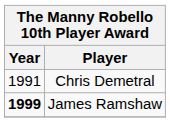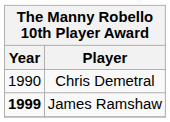 <table class="wikitable" style="display: inline-table; margin-right: 20px; text-align:center">
 <tr>
 <th scope="col" colspan="2" style="width: 145px;">The Manny Robello 10th Player Award</th>
 </tr>
 <tr>
 <th scope="col">Year</th>
 <th scope="col">Player</th>
 </tr>
 <tr>
-<td>1991</td>
+<td>1990</td>
 <td>Chris Demetral</td>
 </tr>
 <tr>
 <td><strong>1999</strong></td>
 <td>James Ramshaw</td>
 </tr>
 <tr>
 </tr>
 </table>
